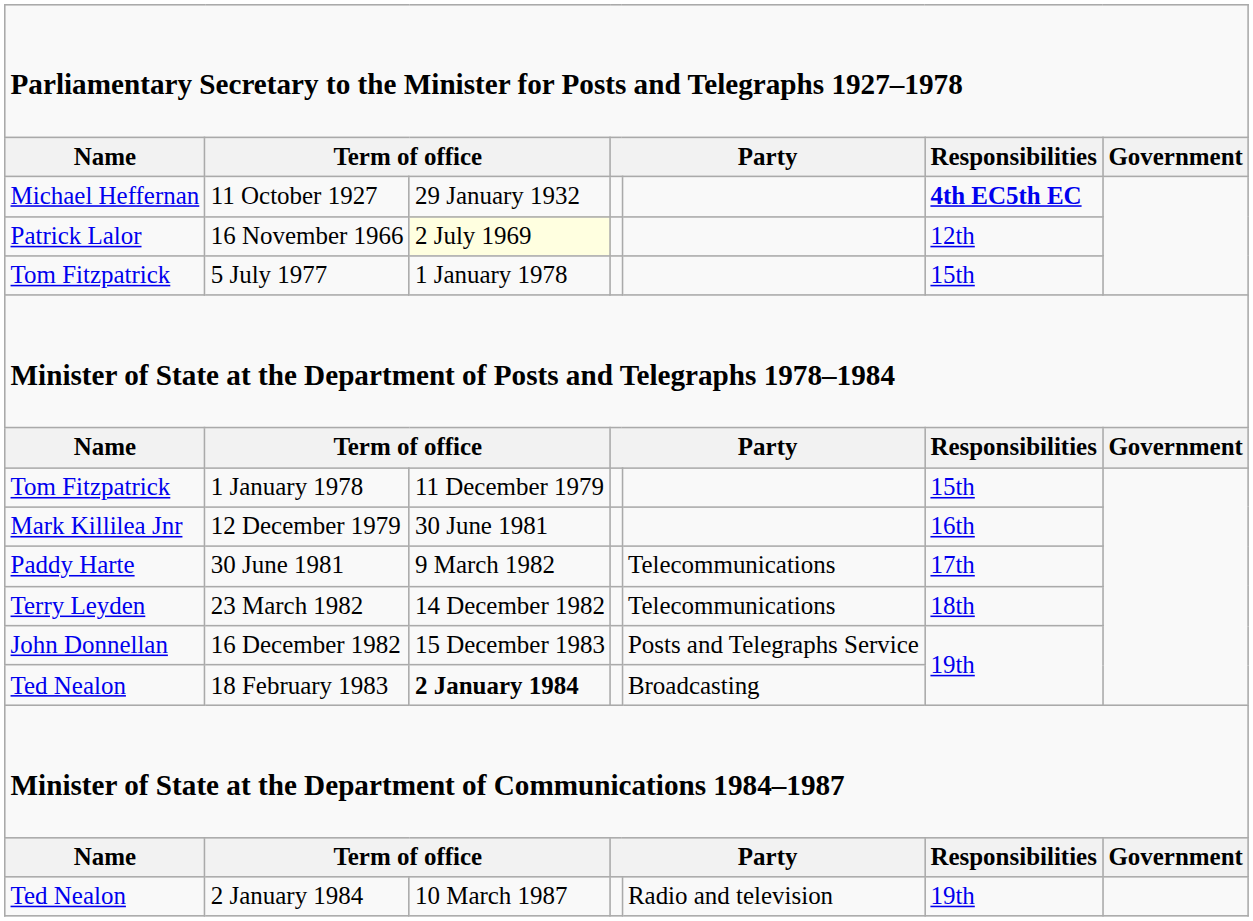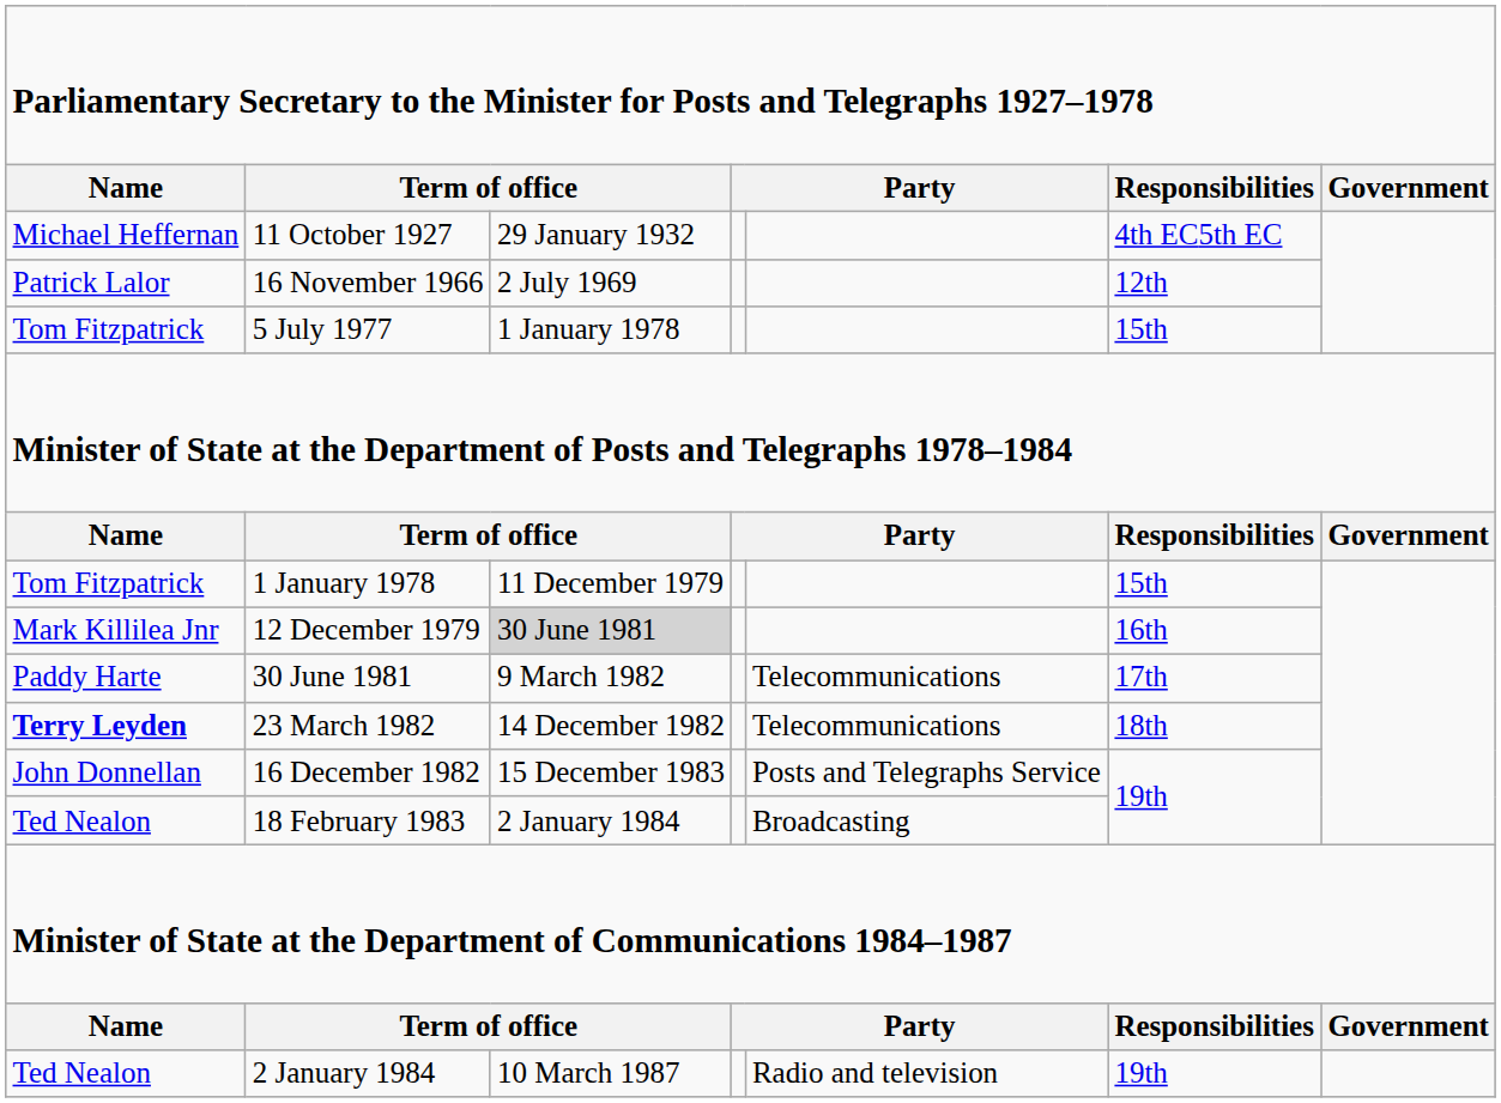 <table class="wikitable">
 <tr>
 <td colspan=7><br><h3>Parliamentary Secretary to the Minister for Posts and Telegraphs 1927–1978</h3></td>
 </tr>
 <tr>
 <th>Name</th>
 <th colspan=2>Term of office</th>
 <th colspan=2>Party</th>
 <th>Responsibilities</th>
 <th>Government</th>
 </tr>
 <tr>
 <td><a href='#'>Michael Heffernan</a></td>
 <td>11 October 1927</td>
 <td>29 January 1932</td>
 <td></td>
 <td></td>
-<td><strong><a href='#'>4th EC</a><a href='#'>5th EC</a></strong></td>
+<td><a href='#'>4th EC</a><a href='#'>5th EC</a></td>
 </tr>
 <tr>
 <td><a href='#'>Patrick Lalor</a></td>
 <td>16 November 1966</td>
-<td style="background: lightyellow;">2 July 1969</td>
+<td>2 July 1969</td>
 <td></td>
 <td></td>
 <td><a href='#'>12th</a></td>
 </tr>
 <tr>
 <td><a href='#'>Tom Fitzpatrick</a></td>
 <td>5 July 1977</td>
 <td>1 January 1978</td>
 <td></td>
 <td></td>
 <td><a href='#'>15th</a></td>
 </tr>
 <tr>
 <td colspan=7><br><h3>Minister of State at the Department of Posts and Telegraphs 1978–1984</h3></td>
 </tr>
 <tr>
 <th>Name</th>
 <th colspan=2>Term of office</th>
 <th colspan=2>Party</th>
 <th>Responsibilities</th>
 <th>Government</th>
 </tr>
 <tr>
 <td><a href='#'>Tom Fitzpatrick</a></td>
 <td>1 January 1978</td>
 <td>11 December 1979</td>
 <td></td>
 <td></td>
 <td><a href='#'>15th</a></td>
 </tr>
 <tr>
 <td><a href='#'>Mark Killilea Jnr</a></td>
 <td>12 December 1979</td>
-<td>30 June 1981</td>
+<td style="background: lightgrey;">30 June 1981</td>
 <td></td>
 <td></td>
 <td><a href='#'>16th</a></td>
 </tr>
 <tr>
 <td><a href='#'>Paddy Harte</a></td>
 <td>30 June 1981</td>
 <td>9 March 1982</td>
 <td></td>
 <td>Telecommunications</td>
 <td><a href='#'>17th</a></td>
 </tr>
 <tr>
-<td><a href='#'>Terry Leyden</a></td>
+<td><strong><a href='#'>Terry Leyden</a></strong></td>
 <td>23 March 1982</td>
 <td>14 December 1982</td>
 <td></td>
 <td>Telecommunications</td>
 <td><a href='#'>18th</a></td>
 </tr>
 <tr>
 <td><a href='#'>John Donnellan</a></td>
 <td>16 December 1982</td>
 <td>15 December 1983</td>
 <td></td>
 <td>Posts and Telegraphs Service</td>
 <td rowspan=2><a href='#'>19th</a></td>
 </tr>
 <tr>
 <td><a href='#'>Ted Nealon</a></td>
 <td>18 February 1983</td>
-<td><strong>2 January 1984</strong></td>
+<td>2 January 1984</td>
 <td></td>
 <td>Broadcasting</td>
 </tr>
 <tr>
 <td colspan=7><br><h3>Minister of State at the Department of Communications 1984–1987</h3></td>
 </tr>
 <tr>
 <th>Name</th>
 <th colspan=2>Term of office</th>
 <th colspan=2>Party</th>
 <th>Responsibilities</th>
 <th>Government</th>
 </tr>
 <tr>
 <td><a href='#'>Ted Nealon</a></td>
 <td>2 January 1984</td>
 <td>10 March 1987</td>
 <td></td>
 <td>Radio and television</td>
 <td><a href='#'>19th</a></td>
 </tr>
 </table>
